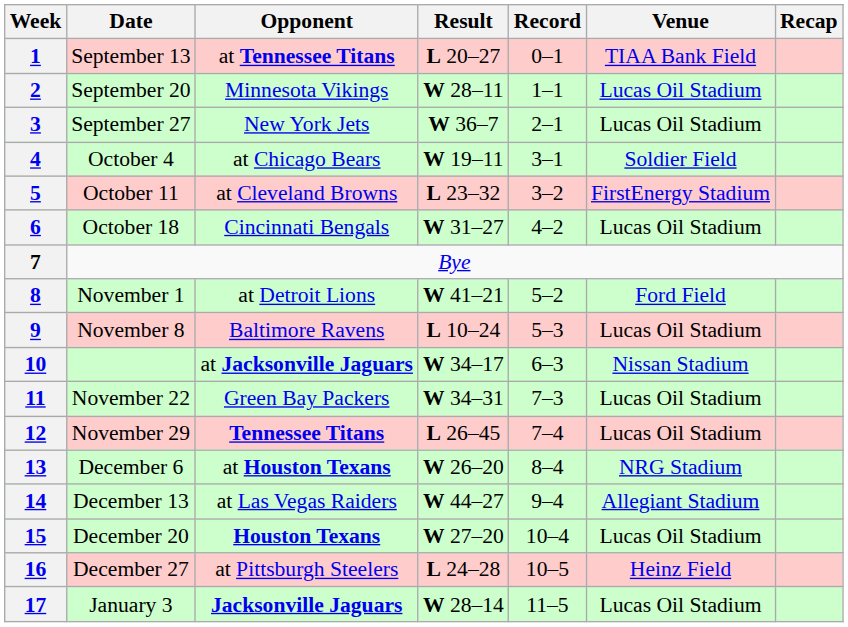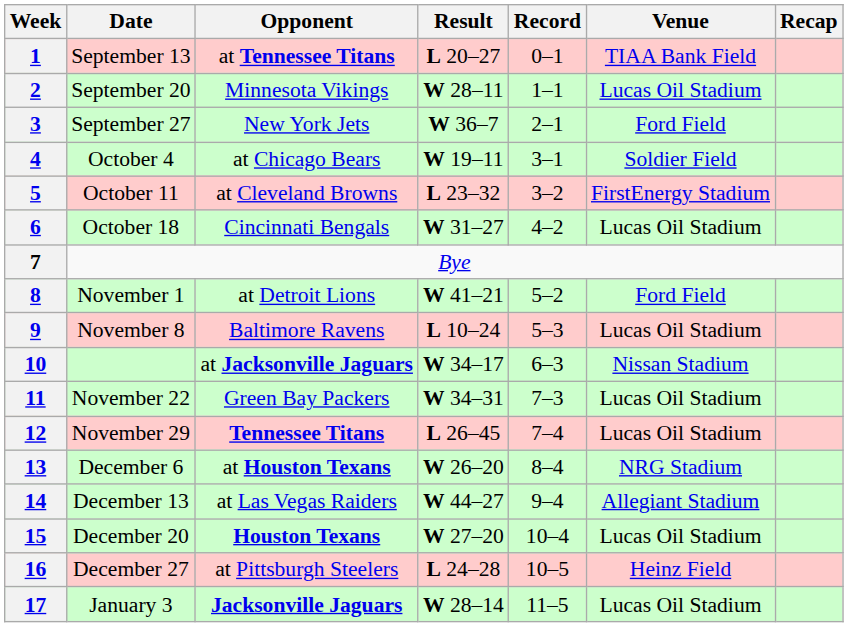 <table class="wikitable" style="text-align:center">
 <tr>
 <th>Week</th>
 <th>Date</th>
 <th>Opponent</th>
 <th>Result</th>
 <th>Record</th>
 <th>Venue</th>
 <th>Recap</th>
 </tr>
 <tr style="background:#fcc">
 <th><a href='#'>1</a></th>
 <td>September 13</td>
 <td>at <strong><a href='#'>Tennessee Titans</a></strong></td>
 <td><strong>L</strong> 20–27</td>
 <td>0–1</td>
 <td><a href='#'>TIAA Bank Field</a></td>
 <td></td>
 </tr>
 <tr style="background:#cfc">
 <th><a href='#'>2</a></th>
 <td>September 20</td>
 <td><a href='#'>Minnesota Vikings</a></td>
 <td><strong>W</strong> 28–11</td>
 <td>1–1</td>
 <td><a href='#'>Lucas Oil Stadium</a></td>
 <td></td>
 </tr>
 <tr style="background:#cfc">
 <th><a href='#'>3</a></th>
 <td>September 27</td>
 <td><a href='#'>New York Jets</a></td>
 <td><strong>W</strong> 36–7</td>
 <td>2–1</td>
-<td>Lucas Oil Stadium</td>
+<td><a href='#'>Ford Field</a></td>
 <td></td>
 </tr>
 <tr style="background:#cfc">
 <th><a href='#'>4</a></th>
 <td>October 4</td>
 <td>at <a href='#'>Chicago Bears</a></td>
 <td><strong>W</strong> 19–11</td>
 <td>3–1</td>
 <td><a href='#'>Soldier Field</a></td>
 <td></td>
 </tr>
 <tr style="background:#fcc">
 <th><a href='#'>5</a></th>
 <td>October 11</td>
 <td>at <a href='#'>Cleveland Browns</a></td>
 <td><strong>L</strong> 23–32</td>
 <td>3–2</td>
 <td><a href='#'>FirstEnergy Stadium</a></td>
 <td></td>
 </tr>
 <tr style="background:#cfc">
 <th><a href='#'>6</a></th>
 <td>October 18</td>
 <td><a href='#'>Cincinnati Bengals</a></td>
 <td><strong>W</strong> 31–27</td>
 <td>4–2</td>
 <td>Lucas Oil Stadium</td>
 <td></td>
 </tr>
 <tr>
 <th>7</th>
 <td colspan="6"><em><a href='#'>Bye</a></em></td>
 </tr>
 <tr style="background:#cfc">
 <th><a href='#'>8</a></th>
 <td>November 1</td>
 <td>at <a href='#'>Detroit Lions</a></td>
 <td><strong>W</strong> 41–21</td>
 <td>5–2</td>
 <td><a href='#'>Ford Field</a></td>
 <td></td>
 </tr>
 <tr style="background:#fcc">
 <th><a href='#'>9</a></th>
 <td>November 8</td>
 <td><a href='#'>Baltimore Ravens</a></td>
 <td><strong>L</strong> 10–24</td>
 <td>5–3</td>
 <td>Lucas Oil Stadium</td>
 <td></td>
 </tr>
 <tr style="background:#cfc">
 <th><a href='#'>10</a></th>
 <td></td>
 <td>at <strong><a href='#'>Jacksonville Jaguars</a></strong></td>
 <td><strong>W</strong> 34–17</td>
 <td>6–3</td>
 <td><a href='#'>Nissan Stadium</a></td>
 <td></td>
 </tr>
 <tr style="background:#cfc">
 <th><a href='#'>11</a></th>
 <td>November 22</td>
 <td><a href='#'>Green Bay Packers</a></td>
 <td><strong>W</strong> 34–31 </td>
 <td>7–3</td>
 <td>Lucas Oil Stadium</td>
 <td></td>
 </tr>
 <tr style="background:#fcc">
 <th><a href='#'>12</a></th>
 <td>November 29</td>
 <td><strong><a href='#'>Tennessee Titans</a></strong></td>
 <td><strong>L</strong> 26–45</td>
 <td>7–4</td>
 <td>Lucas Oil Stadium</td>
 <td></td>
 </tr>
 <tr style="background:#cfc">
 <th><a href='#'>13</a></th>
 <td>December 6</td>
 <td>at <strong><a href='#'>Houston Texans</a></strong></td>
 <td><strong>W</strong> 26–20</td>
 <td>8–4</td>
 <td><a href='#'>NRG Stadium</a></td>
 <td></td>
 </tr>
 <tr style="background:#cfc">
 <th><a href='#'>14</a></th>
 <td>December 13</td>
 <td>at <a href='#'>Las Vegas Raiders</a></td>
 <td><strong>W</strong> 44–27</td>
 <td>9–4</td>
 <td><a href='#'>Allegiant Stadium</a></td>
 <td></td>
 </tr>
 <tr style="background:#cfc">
 <th><a href='#'>15</a></th>
 <td>December 20</td>
 <td><strong><a href='#'>Houston Texans</a></strong></td>
 <td><strong>W</strong> 27–20</td>
 <td>10–4</td>
 <td>Lucas Oil Stadium</td>
 <td></td>
 </tr>
 <tr style="background:#fcc">
 <th><a href='#'>16</a></th>
 <td>December 27</td>
 <td>at <a href='#'>Pittsburgh Steelers</a></td>
 <td><strong>L</strong> 24–28</td>
 <td>10–5</td>
 <td><a href='#'>Heinz Field</a></td>
 <td></td>
 </tr>
 <tr style="background:#cfc">
 <th><a href='#'>17</a></th>
 <td>January 3</td>
 <td><strong><a href='#'>Jacksonville Jaguars</a></strong></td>
 <td><strong>W</strong> 28–14</td>
 <td>11–5</td>
 <td>Lucas Oil Stadium</td>
 <td></td>
 </tr>
 </table>
